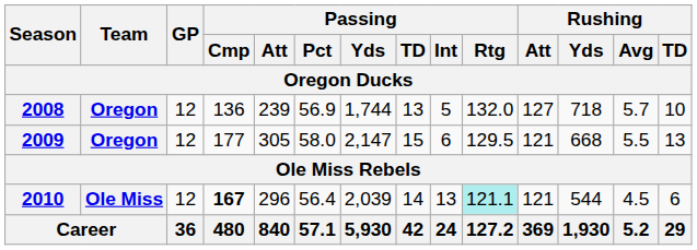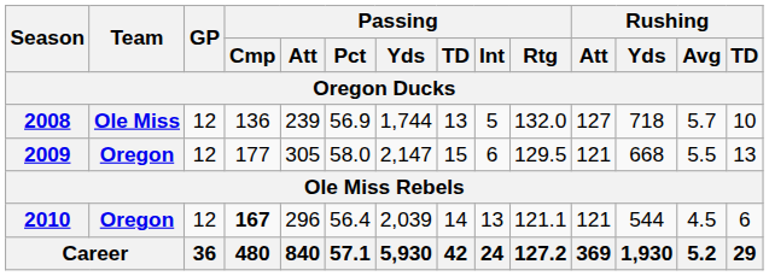 <table class="wikitable" style="text-align:center;">
 <tr>
 <th rowspan="2">Season</th>
 <th rowspan="2">Team</th>
 <th rowspan="2">GP</th>
 <th colspan="7">Passing</th>
 <th colspan="4">Rushing</th>
 </tr>
 <tr>
 <th>Cmp</th>
 <th>Att</th>
 <th>Pct</th>
 <th>Yds</th>
 <th>TD</th>
 <th>Int</th>
 <th>Rtg</th>
 <th>Att</th>
 <th>Yds</th>
 <th>Avg</th>
 <th>TD</th>
 </tr>
 <tr>
 <th colspan="17">Oregon Ducks</th>
 </tr>
 <tr>
 <th><a href='#'>2008</a></th>
-<th><a href='#'>Oregon</a></th>
+<th><a href='#'>Ole Miss</a></th>
 <td>12</td>
 <td>136</td>
 <td>239</td>
 <td>56.9</td>
 <td>1,744</td>
 <td>13</td>
 <td>5</td>
 <td>132.0</td>
 <td>127</td>
 <td>718</td>
 <td>5.7</td>
 <td>10</td>
 </tr>
 <tr>
 <th><a href='#'>2009</a></th>
 <th><a href='#'>Oregon</a></th>
 <td>12</td>
 <td>177</td>
 <td>305</td>
 <td>58.0</td>
 <td>2,147</td>
 <td>15</td>
 <td>6</td>
 <td>129.5</td>
 <td>121</td>
 <td>668</td>
 <td>5.5</td>
 <td>13</td>
 </tr>
 <tr>
 <th colspan="17">Ole Miss Rebels</th>
 </tr>
 <tr>
 <th><a href='#'>2010</a></th>
-<th><a href='#'>Ole Miss</a></th>
+<th><a href='#'>Oregon</a></th>
 <td>12</td>
 <td><strong>167</strong></td>
 <td>296</td>
 <td>56.4</td>
 <td>2,039</td>
 <td>14</td>
 <td>13</td>
-<td style="background: paleturquoise;">121.1</td>
+<td>121.1</td>
 <td>121</td>
 <td>544</td>
 <td>4.5</td>
 <td>6</td>
 </tr>
 <tr>
 <th colspan="2">Career</th>
 <th>36</th>
 <th>480</th>
 <th>840</th>
 <th>57.1</th>
 <th>5,930</th>
 <th>42</th>
 <th>24</th>
 <th>127.2</th>
 <th>369</th>
 <th>1,930</th>
 <th>5.2</th>
 <th>29</th>
 </tr>
 </table>
